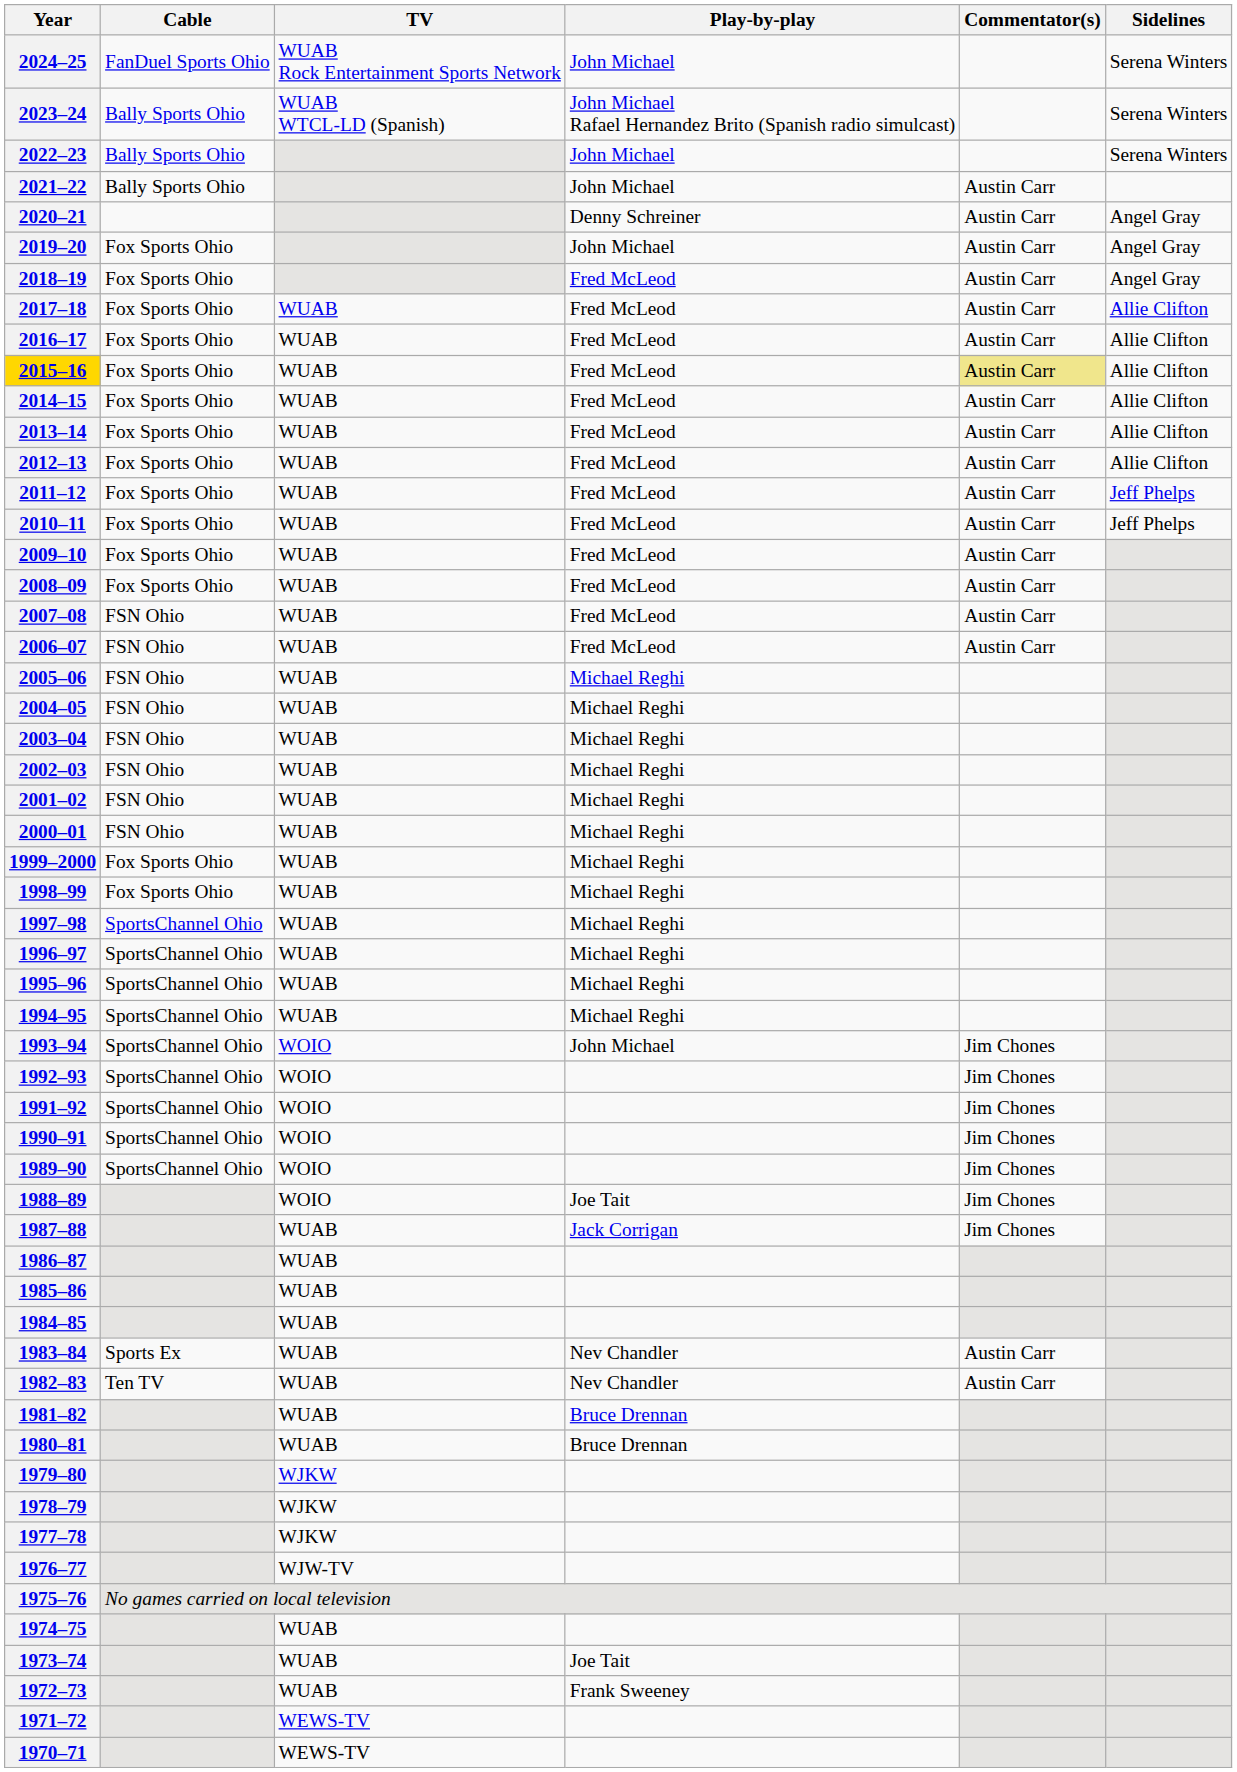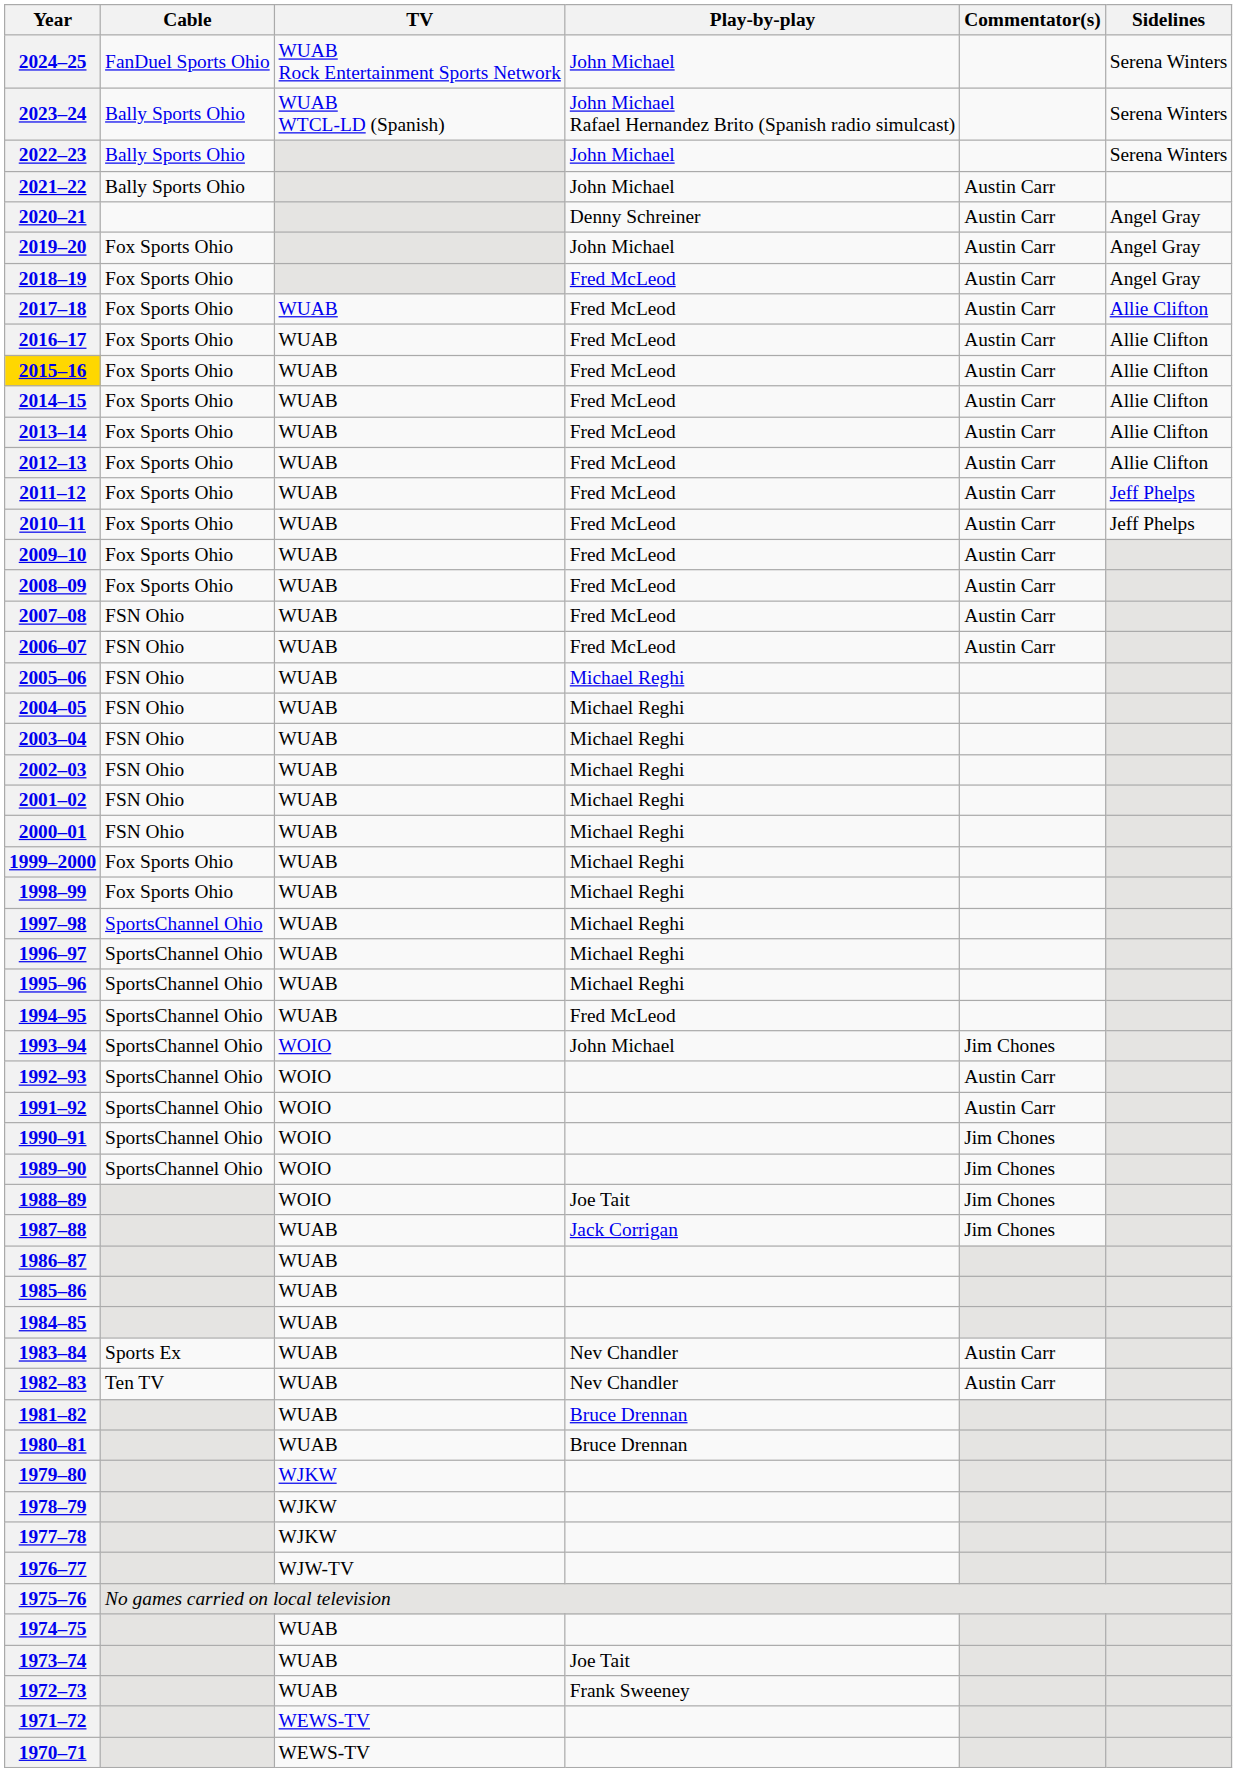 <table class="wikitable">
 <tr>
 <th scope="col">Year</th>
 <th scope="col">Cable</th>
 <th scope="col">TV</th>
 <th scope="col">Play-by-play</th>
 <th scope="col">Commentator(s)</th>
 <th scope="col">Sidelines</th>
 </tr>
 <tr>
 <th scope = "row"><a href='#'>2024–25</a></th>
 <td><a href='#'>FanDuel Sports Ohio</a></td>
 <td><a href='#'>WUAB</a><br><a href='#'>Rock Entertainment Sports Network</a></td>
 <td><a href='#'>John Michael</a></td>
 <td></td>
 <td>Serena Winters</td>
 </tr>
 <tr>
 <th scope = "row"><a href='#'>2023–24</a></th>
 <td><a href='#'>Bally Sports Ohio</a></td>
 <td><a href='#'>WUAB</a><br><a href='#'>WTCL-LD</a> (Spanish)</td>
 <td><a href='#'>John Michael</a><br>Rafael Hernandez Brito (Spanish radio simulcast)</td>
 <td></td>
 <td>Serena Winters</td>
 </tr>
 <tr>
 <th scope = "row"><a href='#'>2022–23</a></th>
 <td><a href='#'>Bally Sports Ohio</a></td>
 <td style="background-color:#e5e4e2;"></td>
 <td><a href='#'>John Michael</a></td>
 <td></td>
 <td>Serena Winters</td>
 </tr>
 <tr>
 <th scope = "row"><a href='#'>2021–22</a></th>
 <td>Bally Sports Ohio</td>
 <td style="background-color:#e5e4e2;"></td>
 <td>John Michael</td>
 <td>Austin Carr</td>
 <td></td>
 </tr>
 <tr>
 <th scope = "row"><a href='#'>2020–21</a></th>
 <td></td>
 <td style="background-color:#e5e4e2;"></td>
 <td>Denny Schreiner</td>
 <td>Austin Carr</td>
 <td>Angel Gray</td>
 </tr>
 <tr>
 <th scope = "row"><a href='#'>2019–20</a></th>
 <td>Fox Sports Ohio</td>
 <td style="background-color:#e5e4e2;"></td>
 <td>John Michael</td>
 <td>Austin Carr</td>
 <td>Angel Gray</td>
 </tr>
 <tr>
 <th scope = "row"><a href='#'>2018–19</a></th>
 <td>Fox Sports Ohio</td>
 <td style="background-color:#e5e4e2;"></td>
 <td><a href='#'>Fred McLeod</a></td>
 <td>Austin Carr</td>
 <td>Angel Gray</td>
 </tr>
 <tr>
 <th scope = "row"><a href='#'>2017–18</a></th>
 <td>Fox Sports Ohio</td>
 <td><a href='#'>WUAB</a></td>
 <td>Fred McLeod</td>
 <td>Austin Carr</td>
 <td><a href='#'>Allie Clifton</a></td>
 </tr>
 <tr>
 <th scope = "row"><a href='#'>2016–17</a></th>
 <td>Fox Sports Ohio</td>
 <td>WUAB</td>
 <td>Fred McLeod</td>
 <td>Austin Carr</td>
 <td>Allie Clifton</td>
 </tr>
 <tr>
 <th scope = "row" style="background: gold"><a href='#'>2015–16</a></th>
 <td>Fox Sports Ohio</td>
 <td>WUAB</td>
 <td>Fred McLeod</td>
-<td style="background: khaki;">Austin Carr</td>
+<td>Austin Carr</td>
 <td>Allie Clifton</td>
 </tr>
 <tr>
 <th scope = "row"><a href='#'>2014–15</a></th>
 <td>Fox Sports Ohio</td>
 <td>WUAB</td>
 <td>Fred McLeod</td>
 <td>Austin Carr</td>
 <td>Allie Clifton</td>
 </tr>
 <tr>
 <th scope = "row"><a href='#'>2013–14</a></th>
 <td>Fox Sports Ohio</td>
 <td>WUAB</td>
 <td>Fred McLeod</td>
 <td>Austin Carr</td>
 <td>Allie Clifton</td>
 </tr>
 <tr>
 <th scope = "row"><a href='#'>2012–13</a></th>
 <td>Fox Sports Ohio</td>
 <td>WUAB</td>
 <td>Fred McLeod</td>
 <td>Austin Carr</td>
 <td>Allie Clifton</td>
 </tr>
 <tr>
 <th scope = "row"><a href='#'>2011–12</a></th>
 <td>Fox Sports Ohio</td>
 <td>WUAB</td>
 <td>Fred McLeod</td>
 <td>Austin Carr</td>
 <td><a href='#'>Jeff Phelps</a></td>
 </tr>
 <tr>
 <th scope = "row"><a href='#'>2010–11</a></th>
 <td>Fox Sports Ohio</td>
 <td>WUAB</td>
 <td>Fred McLeod</td>
 <td>Austin Carr</td>
 <td>Jeff Phelps</td>
 </tr>
 <tr>
 <th scope = "row"><a href='#'>2009–10</a></th>
 <td>Fox Sports Ohio</td>
 <td>WUAB</td>
 <td>Fred McLeod</td>
 <td>Austin Carr</td>
 <td style="background-color:#e5e4e2;"></td>
 </tr>
 <tr>
 <th scope = "row"><a href='#'>2008–09</a></th>
 <td>Fox Sports Ohio</td>
 <td>WUAB</td>
 <td>Fred McLeod</td>
 <td>Austin Carr</td>
 <td style="background-color:#e5e4e2;"></td>
 </tr>
 <tr>
 <th scope = "row"><a href='#'>2007–08</a></th>
 <td>FSN Ohio</td>
 <td>WUAB</td>
 <td>Fred McLeod</td>
 <td>Austin Carr</td>
 <td style="background-color:#e5e4e2;"></td>
 </tr>
 <tr>
 <th scope = "row"><a href='#'>2006–07</a></th>
 <td>FSN Ohio</td>
 <td>WUAB</td>
 <td>Fred McLeod</td>
 <td>Austin Carr</td>
 <td style="background-color:#e5e4e2;"></td>
 </tr>
 <tr>
 <th scope = "row"><a href='#'>2005–06</a></th>
 <td>FSN Ohio</td>
 <td>WUAB</td>
 <td><a href='#'>Michael Reghi</a></td>
 <td></td>
 <td style="background-color:#e5e4e2;"></td>
 </tr>
 <tr>
 <th scope = "row"><a href='#'>2004–05</a></th>
 <td>FSN Ohio</td>
 <td>WUAB</td>
 <td>Michael Reghi</td>
 <td></td>
 <td style="background-color:#e5e4e2;"></td>
 </tr>
 <tr>
 <th scope = "row"><a href='#'>2003–04</a></th>
 <td>FSN Ohio</td>
 <td>WUAB</td>
 <td>Michael Reghi</td>
 <td></td>
 <td style="background-color:#e5e4e2;"></td>
 </tr>
 <tr>
 <th scope = "row"><a href='#'>2002–03</a></th>
 <td>FSN Ohio</td>
 <td>WUAB</td>
 <td>Michael Reghi</td>
 <td></td>
 <td style="background-color:#e5e4e2;"></td>
 </tr>
 <tr>
 <th scope = "row"><a href='#'>2001–02</a></th>
 <td>FSN Ohio</td>
 <td>WUAB</td>
 <td>Michael Reghi</td>
 <td></td>
 <td style="background-color:#e5e4e2;"></td>
 </tr>
 <tr>
 <th scope = "row"><a href='#'>2000–01</a></th>
 <td>FSN Ohio</td>
 <td>WUAB</td>
 <td>Michael Reghi</td>
 <td></td>
 <td style="background-color:#e5e4e2;"></td>
 </tr>
 <tr>
 <th scope = "row"><a href='#'>1999–2000</a></th>
 <td>Fox Sports Ohio</td>
 <td>WUAB</td>
 <td>Michael Reghi</td>
 <td></td>
 <td style="background-color:#e5e4e2;"></td>
 </tr>
 <tr>
 <th scope = "row"><a href='#'>1998–99</a></th>
 <td>Fox Sports Ohio</td>
 <td>WUAB</td>
 <td>Michael Reghi</td>
 <td></td>
 <td style="background-color:#e5e4e2;"></td>
 </tr>
 <tr>
 <th scope="row"><a href='#'>1997–98</a></th>
 <td><a href='#'>SportsChannel Ohio</a></td>
 <td>WUAB</td>
 <td>Michael Reghi</td>
 <td></td>
 <td style="background-color:#e5e4e2;"></td>
 </tr>
 <tr>
 <th scope="row"><a href='#'>1996–97</a></th>
 <td>SportsChannel Ohio</td>
 <td>WUAB</td>
 <td>Michael Reghi</td>
 <td></td>
 <td style="background-color:#e5e4e2;"></td>
 </tr>
 <tr>
 <th scope="row"><a href='#'>1995–96</a></th>
 <td>SportsChannel Ohio</td>
 <td>WUAB</td>
 <td>Michael Reghi</td>
 <td></td>
 <td style="background-color:#e5e4e2;"></td>
 </tr>
 <tr>
 <th scope="row"><a href='#'>1994–95</a></th>
 <td>SportsChannel Ohio</td>
 <td>WUAB</td>
-<td>Michael Reghi</td>
+<td>Fred McLeod</td>
 <td></td>
 <td style="background-color:#e5e4e2;"></td>
 </tr>
 <tr>
 <th scope = "row"><a href='#'>1993–94</a></th>
 <td>SportsChannel Ohio</td>
 <td><a href='#'>WOIO</a></td>
 <td>John Michael</td>
 <td>Jim Chones</td>
 <td style="background-color:#e5e4e2;"></td>
 </tr>
 <tr>
 <th scope="row"><a href='#'>1992–93</a></th>
 <td>SportsChannel Ohio</td>
 <td>WOIO</td>
 <td></td>
-<td>Jim Chones</td>
+<td>Austin Carr</td>
 <td style="background-color:#e5e4e2;"></td>
 </tr>
 <tr>
 <th scope="row"><a href='#'>1991–92</a></th>
 <td>SportsChannel Ohio</td>
 <td>WOIO</td>
 <td></td>
-<td>Jim Chones</td>
+<td>Austin Carr</td>
 <td style="background-color:#e5e4e2;"></td>
 </tr>
 <tr>
 <th scope="row"><a href='#'>1990–91</a></th>
 <td>SportsChannel Ohio</td>
 <td>WOIO</td>
 <td></td>
 <td>Jim Chones</td>
 <td style="background-color:#e5e4e2;"></td>
 </tr>
 <tr>
 <th scope="row"><a href='#'>1989–90</a></th>
 <td>SportsChannel Ohio</td>
 <td>WOIO</td>
 <td></td>
 <td>Jim Chones</td>
 <td style="background-color:#e5e4e2;"></td>
 </tr>
 <tr>
 <th scope = "row"><a href='#'>1988–89</a></th>
 <td style="background-color:#e5e4e2;"></td>
 <td>WOIO</td>
 <td>Joe Tait</td>
 <td>Jim Chones</td>
 <td style="background-color:#e5e4e2;"></td>
 </tr>
 <tr>
 <th scope = "row"><a href='#'>1987–88</a></th>
 <td style="background-color:#e5e4e2;"></td>
 <td>WUAB</td>
 <td><a href='#'>Jack Corrigan</a></td>
 <td>Jim Chones</td>
 <td style="background-color:#e5e4e2;"></td>
 </tr>
 <tr>
 <th scope = "row"><a href='#'>1986–87</a></th>
 <td style="background-color:#e5e4e2;"></td>
 <td>WUAB</td>
 <td></td>
 <td style="background-color:#e5e4e2;"></td>
 <td style="background-color:#e5e4e2;"></td>
 </tr>
 <tr>
 <th scope = "row"><a href='#'>1985–86</a></th>
 <td style="background-color:#e5e4e2;"></td>
 <td>WUAB</td>
 <td></td>
 <td style="background-color:#e5e4e2;"></td>
 <td style="background-color:#e5e4e2;"></td>
 </tr>
 <tr>
 <th scope = "row"><a href='#'>1984–85</a></th>
 <td style="background-color:#e5e4e2;"></td>
 <td>WUAB</td>
 <td></td>
 <td style="background-color:#e5e4e2;"></td>
 <td style="background-color:#e5e4e2;"></td>
 </tr>
 <tr>
 <th scope = "row"><a href='#'>1983–84</a></th>
 <td>Sports Ex</td>
 <td>WUAB</td>
 <td>Nev Chandler</td>
 <td>Austin Carr</td>
 <td style="background-color:#e5e4e2;"></td>
 </tr>
 <tr>
 <th scope="row"><a href='#'>1982–83</a></th>
 <td>Ten TV</td>
 <td>WUAB</td>
 <td>Nev Chandler</td>
 <td>Austin Carr</td>
 <td style="background-color:#e5e4e2;"></td>
 </tr>
 <tr>
 <th scope="row"><a href='#'>1981–82</a></th>
 <td style="background-color:#e5e4e2;"></td>
 <td>WUAB</td>
 <td><a href='#'>Bruce Drennan</a></td>
 <td style="background-color:#e5e4e2;"></td>
 <td style="background-color:#e5e4e2;"></td>
 </tr>
 <tr>
 <th scope="row"><a href='#'>1980–81</a></th>
 <td style="background-color:#e5e4e2;"></td>
 <td>WUAB</td>
 <td>Bruce Drennan</td>
 <td style="background-color:#e5e4e2;"></td>
 <td style="background-color:#e5e4e2;"></td>
 </tr>
 <tr>
 <th scope = "row"><a href='#'>1979–80</a></th>
 <td style="background-color:#e5e4e2;"></td>
 <td><a href='#'>WJKW</a></td>
 <td></td>
 <td style="background-color:#e5e4e2;"></td>
 <td style="background-color:#e5e4e2;"></td>
 </tr>
 <tr>
 <th scope = "row"><a href='#'>1978–79</a></th>
 <td style="background-color:#e5e4e2;"></td>
 <td>WJKW</td>
 <td></td>
 <td style="background-color:#e5e4e2;"></td>
 <td style="background-color:#e5e4e2;"></td>
 </tr>
 <tr>
 <th scope = "row"><a href='#'>1977–78</a></th>
 <td style="background-color:#e5e4e2;"></td>
 <td>WJKW</td>
 <td></td>
 <td style="background-color:#e5e4e2;"></td>
 <td style="background-color:#e5e4e2;"></td>
 </tr>
 <tr>
 <th scope = "row"><a href='#'>1976–77</a></th>
 <td style="background-color:#e5e4e2;"></td>
 <td>WJW-TV</td>
 <td></td>
 <td style="background-color:#e5e4e2;"></td>
 <td style="background-color:#e5e4e2;"></td>
 </tr>
 <tr>
 <th scope = "row"><a href='#'>1975–76</a></th>
 <td colspan="5" style="background-color:#e5e4e2;"><em>No games carried on local television</em></td>
 </tr>
 <tr>
 <th scope = "row"><a href='#'>1974–75</a></th>
 <td style="background-color:#e5e4e2;"></td>
 <td>WUAB</td>
 <td></td>
 <td style="background-color:#e5e4e2;"></td>
 <td style="background-color:#e5e4e2;"></td>
 </tr>
 <tr>
 <th scope = "row"><a href='#'>1973–74</a></th>
 <td style="background-color:#e5e4e2;"></td>
 <td>WUAB</td>
 <td>Joe Tait</td>
 <td style="background-color:#e5e4e2;"></td>
 <td style="background-color:#e5e4e2;"></td>
 </tr>
 <tr>
 <th scope = "row"><a href='#'>1972–73</a></th>
 <td style="background-color:#e5e4e2;"></td>
 <td>WUAB</td>
 <td>Frank Sweeney</td>
 <td style="background-color:#e5e4e2;"></td>
 <td style="background-color:#e5e4e2;"></td>
 </tr>
 <tr>
 <th scope = "row"><a href='#'>1971–72</a></th>
 <td style="background-color:#e5e4e2;"></td>
 <td><a href='#'>WEWS-TV</a></td>
 <td></td>
 <td style="background-color:#e5e4e2;"></td>
 <td style="background-color:#e5e4e2;"></td>
 </tr>
 <tr>
 <th scope = "row"><a href='#'>1970–71</a></th>
 <td style="background-color:#e5e4e2;"></td>
 <td>WEWS-TV</td>
 <td></td>
 <td style="background-color:#e5e4e2;"></td>
 <td style="background-color:#e5e4e2;"></td>
 </tr>
 </table>
